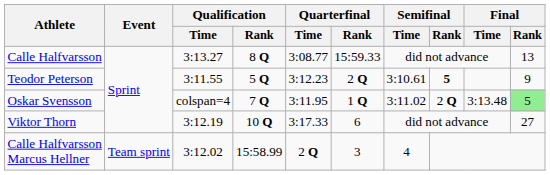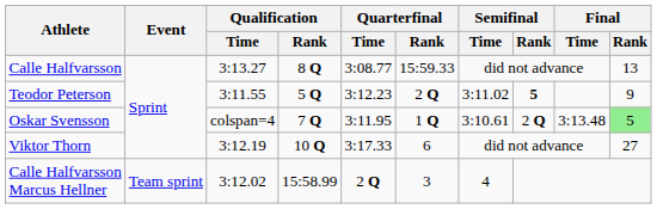 <table class="wikitable" style="font-size:90%">
 <tr>
 <th rowspan="2">Athlete</th>
 <th rowspan="2">Event</th>
 <th colspan="2">Qualification</th>
 <th colspan="2">Quarterfinal</th>
 <th colspan="2">Semifinal</th>
 <th colspan="2">Final</th>
 </tr>
 <tr style="font-size:95%">
 <th>Time</th>
 <th>Rank</th>
 <th>Time</th>
 <th>Rank</th>
 <th>Time</th>
 <th>Rank</th>
 <th>Time</th>
 <th>Rank</th>
 </tr>
 <tr align=center>
 <td align=left><a href='#'>Calle Halfvarsson</a></td>
 <td align=left rowspan=4><a href='#'>Sprint</a></td>
 <td>3:13.27</td>
 <td>8 <strong>Q</strong></td>
 <td>3:08.77</td>
 <td>15:59.33</td>
 <td colspan=3>did not advance</td>
 <td>13</td>
 </tr>
 <tr align=center>
 <td align=left><a href='#'>Teodor Peterson</a></td>
 <td>3:11.55</td>
 <td>5 <strong>Q</strong></td>
 <td>3:12.23</td>
 <td>2 <strong>Q</strong></td>
-<td>3:10.61</td>
+<td>3:11.02</td>
 <td><strong>5</strong></td>
 <td></td>
 <td>9</td>
 </tr>
 <tr align=center>
 <td align=left><a href='#'>Oskar Svensson</a></td>
 <td>colspan=4 </td>
 <td>7 <strong>Q</strong></td>
 <td>3:11.95</td>
 <td>1 <strong>Q</strong></td>
-<td>3:11.02</td>
+<td>3:10.61</td>
 <td>2 <strong>Q</strong></td>
 <td>3:13.48</td>
 <td style="background: lightgreen;">5</td>
 </tr>
 <tr align=center>
 <td align=left><a href='#'>Viktor Thorn</a></td>
 <td>3:12.19</td>
 <td>10 <strong>Q</strong></td>
 <td>3:17.33</td>
 <td>6</td>
 <td colspan=3>did not advance</td>
 <td>27</td>
 </tr>
 <tr align=center>
 <td align=left><a href='#'>Calle Halfvarsson</a><br><a href='#'>Marcus Hellner</a></td>
 <td align=left><a href='#'>Team sprint</a></td>
 <td>3:12.02</td>
 <td>15:58.99</td>
 <td>2 <strong>Q</strong></td>
 <td>3</td>
 <td>4</td>
 </tr>
 </table>
